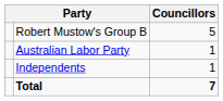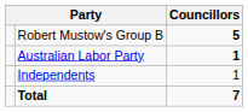 <table class="wikitable">
 <tr>
 <th colspan="2">Party</th>
 <th>Councillors</th>
 </tr>
 <tr>
 <td> </td>
 <td>Robert Mustow's Group B</td>
-<td align=right>5</td>
+<td align=right><strong>5</strong></td>
 </tr>
 <tr>
 <td> </td>
 <td><a href='#'>Australian Labor Party</a></td>
-<td align=right>1</td>
+<td align=right><strong>1</strong></td>
 </tr>
 <tr>
 <td> </td>
 <td><a href='#'>Independents</a></td>
 <td align=right>1</td>
 </tr>
 <tr>
 <td></td>
 <td><strong>Total</strong></td>
 <td align=right><strong>7</strong></td>
 </tr>
 </table>
